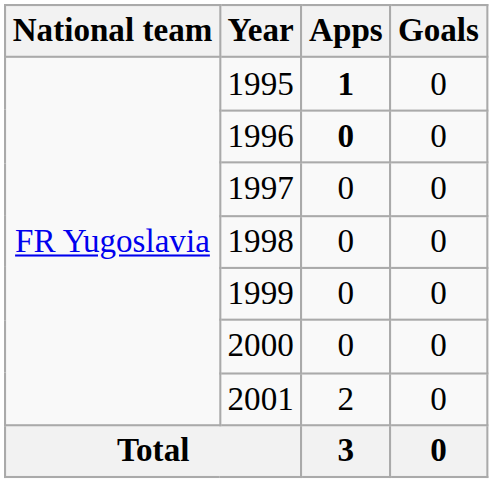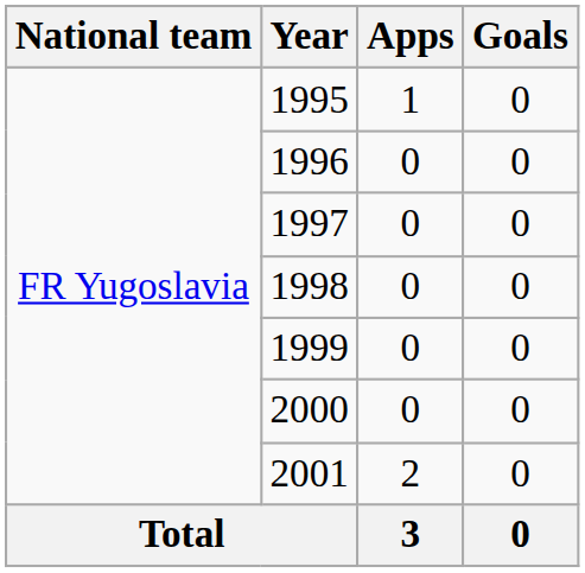 <table class="wikitable" style="text-align:center">
 <tr>
 <th>National team</th>
 <th>Year</th>
 <th>Apps</th>
 <th>Goals</th>
 </tr>
 <tr>
 <td rowspan="7"><a href='#'>FR Yugoslavia</a></td>
 <td>1995</td>
-<td><strong>1</strong></td>
+<td>1</td>
 <td>0</td>
 </tr>
 <tr>
 <td>1996</td>
-<td><strong>0</strong></td>
+<td>0</td>
 <td>0</td>
 </tr>
 <tr>
 <td>1997</td>
 <td>0</td>
 <td>0</td>
 </tr>
 <tr>
 <td>1998</td>
 <td>0</td>
 <td>0</td>
 </tr>
 <tr>
 <td>1999</td>
 <td>0</td>
 <td>0</td>
 </tr>
 <tr>
 <td>2000</td>
 <td>0</td>
 <td>0</td>
 </tr>
 <tr>
 <td>2001</td>
 <td>2</td>
 <td>0</td>
 </tr>
 <tr>
 <th colspan="2">Total</th>
 <th>3</th>
 <th>0</th>
 </tr>
 </table>
